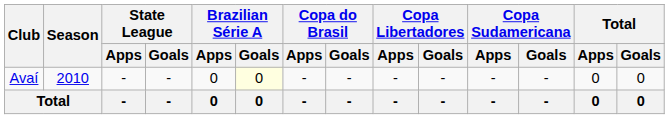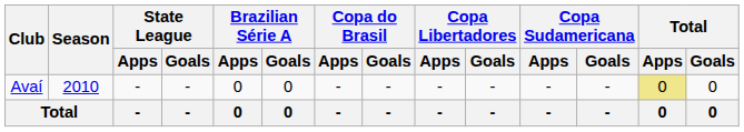 <table class="wikitable" style="text-align: center;">
 <tr>
 <th rowspan="2">Club</th>
 <th rowspan="2">Season</th>
 <th colspan="2">State League</th>
 <th colspan="2"><a href='#'>Brazilian Série A</a></th>
 <th colspan="2"><a href='#'>Copa do Brasil</a></th>
 <th colspan="2"><a href='#'>Copa Libertadores</a></th>
 <th colspan="2"><a href='#'>Copa Sudamericana</a></th>
 <th colspan="2">Total</th>
 </tr>
 <tr>
 <th>Apps</th>
 <th>Goals</th>
 <th>Apps</th>
 <th>Goals</th>
 <th>Apps</th>
 <th>Goals</th>
 <th>Apps</th>
 <th>Goals</th>
 <th>Apps</th>
 <th>Goals</th>
 <th>Apps</th>
 <th>Goals</th>
 </tr>
 <tr>
 <td rowspan="1" valign="center"><a href='#'>Avaí</a></td>
 <td><a href='#'>2010</a></td>
 <td>-</td>
 <td>-</td>
 <td>0</td>
-<td style="background: lightyellow;">0</td>
+<td>0</td>
 <td>-</td>
 <td>-</td>
 <td>-</td>
 <td>-</td>
 <td>-</td>
 <td>-</td>
-<td>0</td>
+<td style="background: khaki;">0</td>
 <td>0</td>
 </tr>
 <tr>
 <th colspan="2"><strong>Total</strong></th>
 <th>-</th>
 <th>-</th>
 <th>0</th>
 <th>0</th>
 <th>-</th>
 <th>-</th>
 <th>-</th>
 <th>-</th>
 <th>-</th>
 <th>-</th>
 <th>0</th>
 <th>0</th>
 </tr>
 </table>
